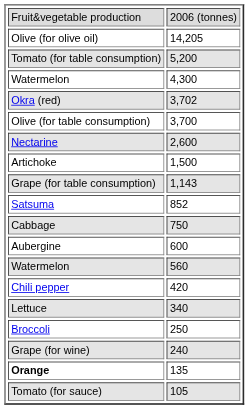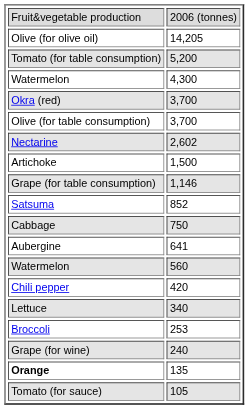 <table border="2" style="font-size: 85%" align=right cellpadding="3" cellspacing="3">
 <tr bgcolor="#dddddd">
 <td>Fruit&vegetable production</td>
 <td>2006 (tonnes)</td>
 </tr>
 <tr bgcolor="#ffffff">
 <td>Olive (for olive oil)</td>
 <td>14,205</td>
 </tr>
 <tr bgcolor="#e5e5e5">
 <td>Tomato (for table consumption)</td>
 <td>5,200</td>
 </tr>
 <tr bgcolor="#ffffff">
 <td>Watermelon</td>
 <td>4,300</td>
 </tr>
 <tr bgcolor="#e5e5e5">
 <td><a href='#'>Okra</a> (red)</td>
-<td>3,702</td>
+<td>3,700</td>
 </tr>
 <tr bgcolor="#ffffff">
 <td>Olive (for table consumption)</td>
 <td>3,700</td>
 </tr>
 <tr bgcolor="#e5e5e5">
 <td><a href='#'>Nectarine</a></td>
-<td>2,600</td>
+<td>2,602</td>
 </tr>
 <tr bgcolor="#ffffff">
 <td>Artichoke</td>
 <td>1,500</td>
 </tr>
 <tr bgcolor="#e5e5e5">
 <td>Grape (for table consumption)</td>
-<td>1,143</td>
+<td>1,146</td>
 </tr>
 <tr bgcolor="#ffffff">
 <td><a href='#'>Satsuma</a></td>
 <td>852</td>
 </tr>
 <tr bgcolor="#e5e5e5">
 <td>Cabbage</td>
 <td>750</td>
 </tr>
 <tr bgcolor="#ffffff">
 <td>Aubergine</td>
-<td>600</td>
+<td>641</td>
 </tr>
 <tr bgcolor="#e5e5e5">
 <td>Watermelon</td>
 <td>560</td>
 </tr>
 <tr bgcolor="#ffffff">
 <td><a href='#'>Chili pepper</a></td>
 <td>420</td>
 </tr>
 <tr bgcolor="#e5e5e5">
 <td>Lettuce</td>
 <td>340</td>
 </tr>
 <tr bgcolor="#ffffff">
 <td><a href='#'>Broccoli</a></td>
-<td>250</td>
+<td>253</td>
 </tr>
 <tr bgcolor="#e5e5e5">
 <td>Grape (for wine)</td>
 <td>240</td>
 </tr>
 <tr bgcolor="#ffffff">
 <td><strong>Orange</strong></td>
 <td>135</td>
 </tr>
 <tr bgcolor="#e5e5e5">
 <td>Tomato (for sauce)</td>
 <td>105</td>
 </tr>
 </table>
